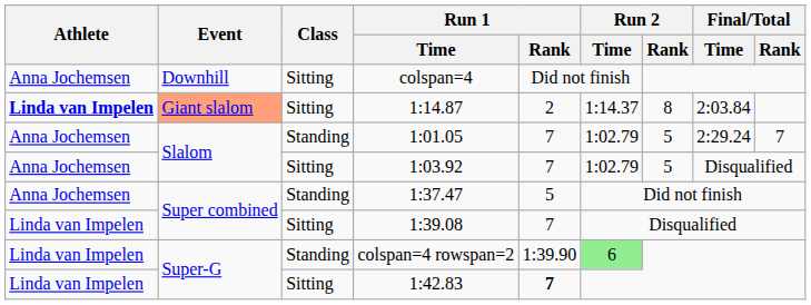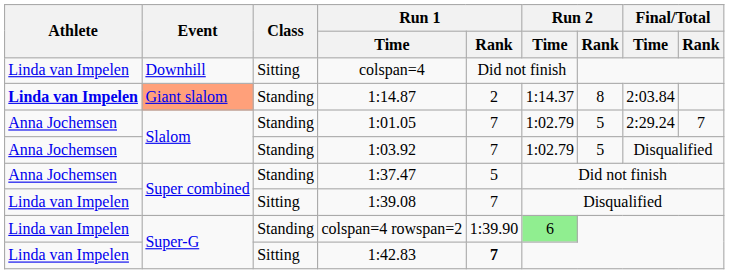 <table class="wikitable" style="font-size:90%">
 <tr>
 <th rowspan="2">Athlete</th>
 <th rowspan="2">Event</th>
 <th rowspan="2">Class</th>
 <th colspan="2">Run 1</th>
 <th colspan="2">Run 2</th>
 <th colspan="2">Final/Total</th>
 </tr>
 <tr>
 <th>Time</th>
 <th>Rank</th>
 <th>Time</th>
 <th>Rank</th>
 <th>Time</th>
 <th>Rank</th>
 </tr>
 <tr align=center>
-<td align=left><a href='#'>Anna Jochemsen</a></td>
+<td align=left><a href='#'>Linda van Impelen</a></td>
 <td align=left><a href='#'>Downhill</a></td>
 <td align=left>Sitting</td>
 <td>colspan=4 </td>
 <td colspan=2>Did not finish</td>
 </tr>
 <tr align=center>
 <td align=left><strong><a href='#'>Linda van Impelen</a></strong></td>
 <td align=left style="background: lightsalmon;"><a href='#'>Giant slalom</a></td>
-<td align=left>Sitting</td>
+<td align=left>Standing</td>
 <td>1:14.87</td>
 <td>2</td>
 <td>1:14.37</td>
 <td>8</td>
 <td>2:03.84</td>
 <td></td>
 </tr>
 <tr align=center>
 <td align=left><a href='#'>Anna Jochemsen</a></td>
 <td align=left rowspan=2><a href='#'>Slalom</a></td>
 <td align=left>Standing</td>
 <td>1:01.05</td>
 <td>7</td>
 <td>1:02.79</td>
 <td>5</td>
 <td>2:29.24</td>
 <td>7</td>
 </tr>
 <tr align=center>
 <td align=left><a href='#'>Anna Jochemsen</a></td>
-<td align=left>Sitting</td>
+<td align=left>Standing</td>
 <td>1:03.92</td>
 <td>7</td>
 <td>1:02.79</td>
 <td>5</td>
 <td colspan=4>Disqualified</td>
 </tr>
 <tr align=center>
 <td align=left><a href='#'>Anna Jochemsen</a></td>
 <td align=left rowspan=2><a href='#'>Super combined</a></td>
 <td align=left>Standing</td>
 <td>1:37.47</td>
 <td>5</td>
 <td colspan=4>Did not finish</td>
 </tr>
 <tr align=center>
 <td align=left><a href='#'>Linda van Impelen</a></td>
 <td align=left>Sitting</td>
 <td>1:39.08</td>
 <td>7</td>
 <td colspan=4>Disqualified</td>
 </tr>
 <tr align=center>
 <td align=left><a href='#'>Linda van Impelen</a></td>
 <td align=left rowspan=2><a href='#'>Super-G</a></td>
 <td align=left>Standing</td>
 <td>colspan=4 rowspan=2 </td>
 <td>1:39.90</td>
 <td style="background: lightgreen;">6</td>
 </tr>
 <tr align=center>
 <td align=left><a href='#'>Linda van Impelen</a></td>
 <td align=left>Sitting</td>
 <td>1:42.83</td>
 <td><strong>7</strong></td>
 </tr>
 </table>
